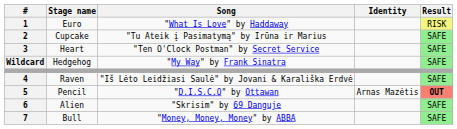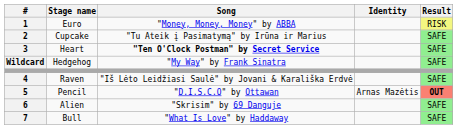 <table class="wikitable plainrowheaders" style="text-align: center;">
 <tr>
 <th>#</th>
 <th>Stage name</th>
 <th>Song</th>
 <th>Identity</th>
 <th>Result</th>
 </tr>
 <tr>
 <th>1</th>
 <td>Euro</td>
-<td>"<a href='#'>What Is Love</a>" by <a href='#'>Haddaway</a></td>
+<td>"<a href='#'>Money, Money, Money</a>" by <a href='#'>ABBA</a></td>
 <td></td>
 <td bgcolor="#F3F781">RISK</td>
 </tr>
 <tr>
 <th>2</th>
 <td>Cupcake</td>
 <td>"Tu Ateik į Pasimatymą" by Irūna ir Marius</td>
 <td></td>
 <td bgcolor="lightgreen">SAFE</td>
 </tr>
 <tr>
 <th>3</th>
 <td>Heart</td>
-<td>"Ten O'Clock Postman" by <a href='#'>Secret Service</a></td>
+<td><strong>"Ten O'Clock Postman" by <a href='#'>Secret Service</a></strong></td>
 <td></td>
 <td bgcolor="lightgreen">SAFE</td>
 </tr>
 <tr>
 <th>Wildcard</th>
 <td>Hedgehog</td>
 <td>"<a href='#'>My Way</a>" by <a href='#'>Frank Sinatra</a></td>
 <td></td>
 <td bgcolor="lightgreen">SAFE</td>
 </tr>
 <tr>
 <td colspan="5" style="background:darkgray"></td>
 </tr>
 <tr>
 <th>4</th>
 <td>Raven</td>
 <td>"Iš Lėto Leidžiasi Saulė" by Jovani & Karališka Erdvė</td>
 <td></td>
 <td bgcolor="lightgreen">SAFE</td>
 </tr>
 <tr>
 <th>5</th>
 <td>Pencil</td>
 <td>"<a href='#'>D.I.S.C.O</a>" by <a href='#'>Ottawan</a></td>
 <td>Arnas Mazėtis</td>
 <td bgcolor="salmon"><strong>OUT</strong></td>
 </tr>
 <tr>
 <th>6</th>
 <td>Alien</td>
 <td>"Skrisim" by <a href='#'>69 Danguje</a></td>
 <td></td>
 <td bgcolor="lightgreen">SAFE</td>
 </tr>
 <tr>
 <th>7</th>
 <td>Bull</td>
-<td>"<a href='#'>Money, Money, Money</a>" by <a href='#'>ABBA</a></td>
+<td>"<a href='#'>What Is Love</a>" by <a href='#'>Haddaway</a></td>
 <td></td>
 <td bgcolor="lightgreen">SAFE</td>
 </tr>
 </table>
